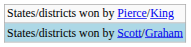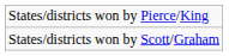 <table class="wikitable">
 <tr>
 <td>States/districts won by <a href='#'>Pierce</a>/<a href='#'>King</a></td>
 </tr>
 <tr>
-<td style="background: lightblue;">States/districts won by <a href='#'>Scott</a>/<a href='#'>Graham</a></td>
+<td>States/districts won by <a href='#'>Scott</a>/<a href='#'>Graham</a></td>
 </tr>
 </table>
